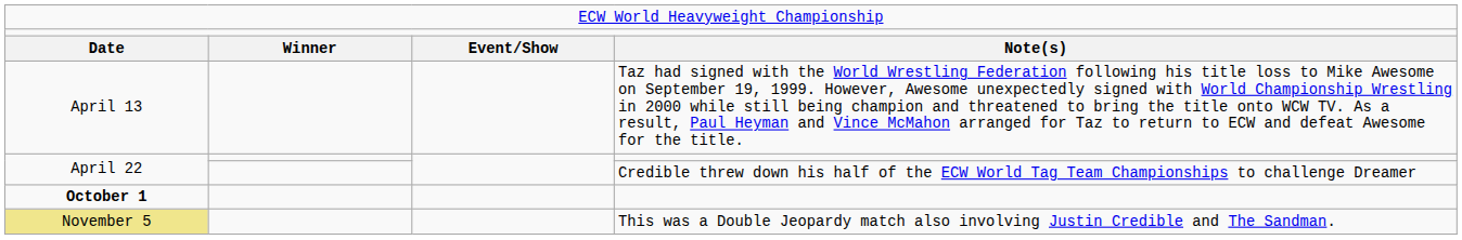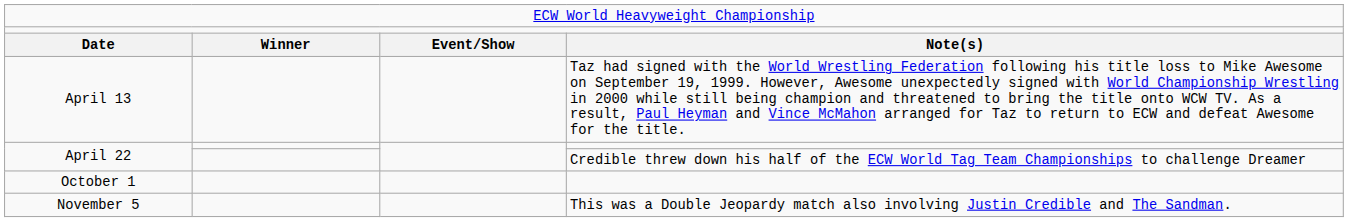 <table class="wikitable" style="text-align:center; width:100%;">
 <tr>
 <td colspan="5"><a href='#'>ECW World Heavyweight Championship</a></td>
 </tr>
 <tr>
 <td colspan="5"><strong></strong></td>
 </tr>
 <tr>
 <th width="14%">Date</th>
 <th width="14%">Winner</th>
 <th width="14%">Event/Show</th>
 <th width="58%">Note(s)</th>
 </tr>
 <tr>
 <td>April 13</td>
 <td></td>
 <td></td>
 <td align="left">Taz had signed with the <a href='#'>World Wrestling Federation</a> following his title loss to Mike Awesome on September 19, 1999. However, Awesome unexpectedly signed with <a href='#'>World Championship Wrestling</a> in 2000 while still being champion and threatened to bring the title onto WCW TV. As a result, <a href='#'>Paul Heyman</a> and <a href='#'>Vince McMahon</a> arranged for Taz to return to ECW and defeat Awesome for the title.</td>
 </tr>
 <tr>
 <td rowspan=2>April 22</td>
 <td></td>
 <td rowspan=2></td>
 <td align="left"></td>
 </tr>
 <tr>
 <td></td>
 <td align="left">Credible threw down his half of the <a href='#'>ECW World Tag Team Championships</a> to challenge Dreamer</td>
 </tr>
 <tr>
-<td><strong>October 1</strong></td>
+<td>October 1</td>
 <td></td>
 <td></td>
 <td align="left"></td>
 </tr>
 <tr>
-<td style="background: khaki;">November 5</td>
+<td>November 5</td>
 <td></td>
 <td></td>
 <td align="left">This was a Double Jeopardy match also involving <a href='#'>Justin Credible</a> and <a href='#'>The Sandman</a>.</td>
 </tr>
 </table>
